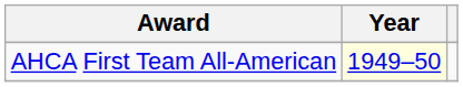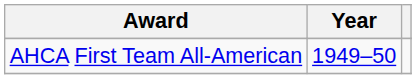 <table class="wikitable">
 <tr>
 <th>Award</th>
 <th>Year</th>
 <th></th>
 </tr>
 <tr>
 </tr>
 <tr>
 <td><a href='#'>AHCA</a> <a href='#'>First Team All-American</a></td>
-<td style="background: lightyellow;"><a href='#'>1949–50</a></td>
+<td><a href='#'>1949–50</a></td>
 <td></td>
 </tr>
 <tr>
 </tr>
 </table>
